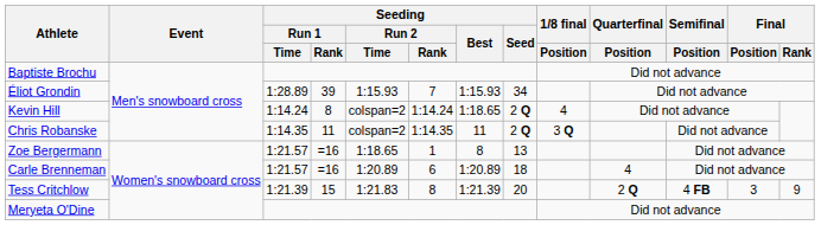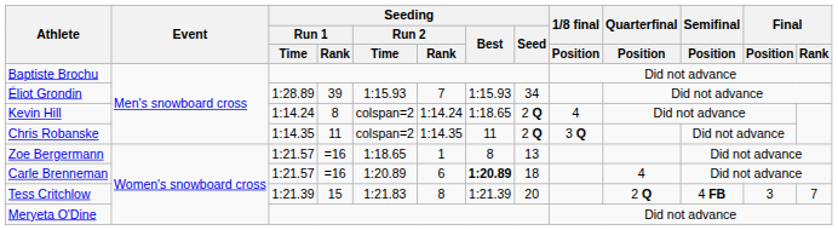 <table class=wikitable style=font-size:90%>
 <tr>
 <th rowspan=3>Athlete</th>
 <th rowspan=3>Event</th>
 <th colspan=6>Seeding</th>
 <th rowspan=2>1/8 final</th>
 <th rowspan=2>Quarterfinal</th>
 <th rowspan=2>Semifinal</th>
 <th rowspan=2 colspan=2>Final</th>
 </tr>
 <tr style=font-size:95%>
 <th colspan=2>Run 1</th>
 <th colspan=2>Run 2</th>
 <th rowspan=2>Best</th>
 <th rowspan=2>Seed</th>
 </tr>
 <tr style=font-size:95%>
 <th>Time</th>
 <th>Rank</th>
 <th>Time</th>
 <th>Rank</th>
 <th>Position</th>
 <th>Position</th>
 <th>Position</th>
 <th>Position</th>
 <th>Rank</th>
 </tr>
 <tr align=center>
 <td align="left"><a href='#'>Baptiste Brochu</a></td>
 <td rowspan="4" align="left"><a href='#'>Men's snowboard cross</a></td>
 <td colspan="6"></td>
 <td colspan="5">Did not advance</td>
 </tr>
 <tr align=center>
 <td align=left><a href='#'>Éliot Grondin</a></td>
 <td>1:28.89</td>
 <td>39</td>
 <td>1:15.93</td>
 <td>7</td>
 <td>1:15.93</td>
 <td>34</td>
 <td></td>
 <td colspan="4">Did not advance</td>
 </tr>
 <tr align=center>
 <td align="left"><a href='#'>Kevin Hill</a></td>
 <td>1:14.24</td>
 <td>8</td>
 <td>colspan=2 </td>
 <td>1:14.24</td>
 <td>1:18.65</td>
 <td>2 <strong>Q</strong></td>
 <td>4</td>
 <td colspan="3">Did not advance</td>
 </tr>
 <tr align=center>
 <td align="left"><a href='#'>Chris Robanske</a></td>
 <td>1:14.35</td>
 <td>11</td>
 <td>colspan=2 </td>
 <td>1:14.35</td>
 <td>11</td>
 <td>2 <strong>Q</strong></td>
 <td>3 <strong>Q</strong></td>
 <td></td>
 <td colspan="2">Did not advance</td>
 </tr>
 <tr align=center>
 <td align="left"><a href='#'>Zoe Bergermann</a></td>
 <td align=left rowspan="4"><a href='#'>Women's snowboard cross</a></td>
 <td>1:21.57</td>
 <td>=16</td>
 <td>1:18.65</td>
 <td>1</td>
 <td>8</td>
 <td>13</td>
 <td></td>
 <td></td>
 <td colspan=3>Did not advance</td>
 </tr>
 <tr align="center">
 <td align="left"><a href='#'>Carle Brenneman</a></td>
 <td>1:21.57</td>
 <td>=16</td>
 <td>1:20.89</td>
 <td>6</td>
-<td>1:20.89</td>
+<td><strong>1:20.89</strong></td>
 <td>18</td>
 <td></td>
 <td>4</td>
 <td colspan=3>Did not advance</td>
 </tr>
 <tr align=center>
 <td align="left"><a href='#'>Tess Critchlow</a></td>
 <td>1:21.39</td>
 <td>15</td>
 <td>1:21.83</td>
 <td>8</td>
 <td>1:21.39</td>
 <td>20</td>
 <td></td>
 <td>2 <strong>Q</strong></td>
 <td>4 <strong>FB</strong></td>
 <td>3</td>
-<td>9</td>
+<td>7</td>
 </tr>
 <tr align=center>
 <td align="left"><a href='#'>Meryeta O'Dine</a></td>
 <td colspan="6"></td>
 <td colspan="5">Did not advance</td>
 </tr>
 </table>
